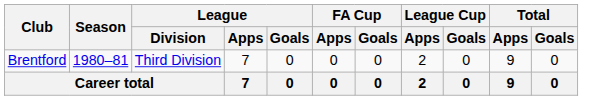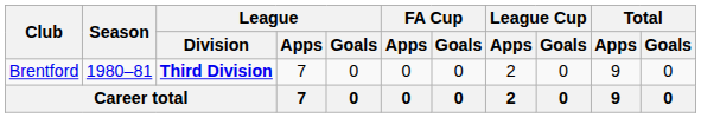 <table class="wikitable" style="text-align: center;">
 <tr>
 <th rowspan="2">Club</th>
 <th rowspan="2">Season</th>
 <th colspan="3">League</th>
 <th colspan="2">FA Cup</th>
 <th colspan="2">League Cup</th>
 <th colspan="2">Total</th>
 </tr>
 <tr>
 <th>Division</th>
 <th>Apps</th>
 <th>Goals</th>
 <th>Apps</th>
 <th>Goals</th>
 <th>Apps</th>
 <th>Goals</th>
 <th>Apps</th>
 <th>Goals</th>
 </tr>
 <tr>
 <td><a href='#'>Brentford</a></td>
 <td><a href='#'>1980–81</a></td>
-<td><a href='#'>Third Division</a></td>
+<td><strong><a href='#'>Third Division</a></strong></td>
 <td>7</td>
 <td>0</td>
 <td>0</td>
 <td>0</td>
 <td>2</td>
 <td>0</td>
 <td>9</td>
 <td>0</td>
 </tr>
 <tr>
 <th colspan="3">Career total</th>
 <th>7</th>
 <th>0</th>
 <th>0</th>
 <th>0</th>
 <th>2</th>
 <th>0</th>
 <th>9</th>
 <th>0</th>
 </tr>
 </table>
